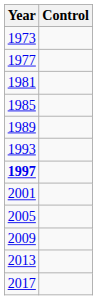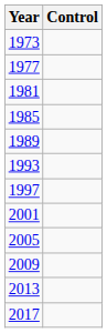 <table class="wikitable">
 <tr>
 <th>Year</th>
 <th colspan=2>Control</th>
 </tr>
 <tr>
 <td><a href='#'>1973</a></td>
 <td></td>
 </tr>
 <tr>
 <td><a href='#'>1977</a></td>
 <td></td>
 </tr>
 <tr>
 <td><a href='#'>1981</a></td>
 <td></td>
 </tr>
 <tr>
 <td><a href='#'>1985</a></td>
 <td></td>
 </tr>
 <tr>
 <td><a href='#'>1989</a></td>
 <td></td>
 </tr>
 <tr>
 <td><a href='#'>1993</a></td>
 <td></td>
 </tr>
 <tr>
-<td><strong><a href='#'>1997</a></strong></td>
+<td><a href='#'>1997</a></td>
 <td></td>
 </tr>
 <tr>
 <td><a href='#'>2001</a></td>
 <td></td>
 </tr>
 <tr>
 <td><a href='#'>2005</a></td>
 <td></td>
 </tr>
 <tr>
 <td><a href='#'>2009</a></td>
 <td></td>
 </tr>
 <tr>
 <td><a href='#'>2013</a></td>
 <td></td>
 </tr>
 <tr>
 <td><a href='#'>2017</a></td>
 <td></td>
 </tr>
 </table>
